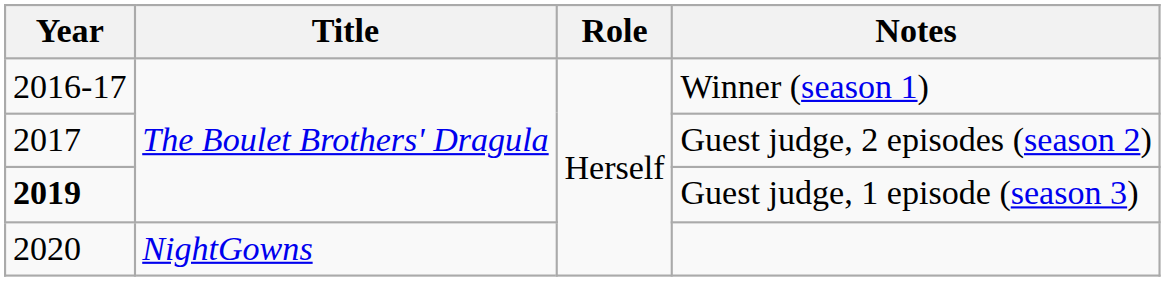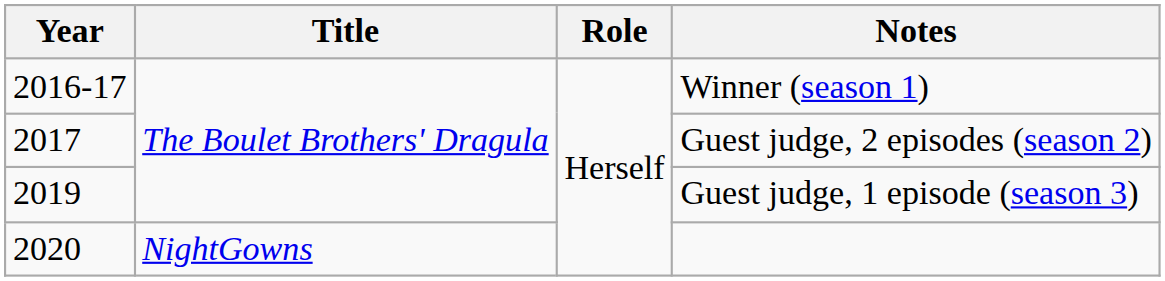 <table class="wikitable">
 <tr>
 <th>Year</th>
 <th>Title</th>
 <th>Role</th>
 <th>Notes</th>
 </tr>
 <tr>
 <td>2016-17</td>
 <td rowspan="3"><em><a href='#'>The Boulet Brothers' Dragula</a></em></td>
 <td rowspan="4">Herself</td>
 <td>Winner (<a href='#'>season 1</a>)</td>
 </tr>
 <tr>
 <td>2017</td>
 <td>Guest judge, 2 episodes (<a href='#'>season 2</a>)</td>
 </tr>
 <tr>
-<td><strong>2019</strong></td>
+<td>2019</td>
 <td>Guest judge, 1 episode (<a href='#'>season 3</a>)</td>
 </tr>
 <tr>
 <td>2020</td>
 <td><em><a href='#'>NightGowns</a></em></td>
 <td></td>
 </tr>
 </table>
